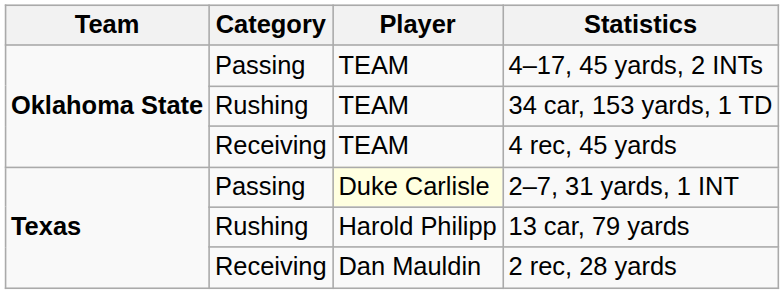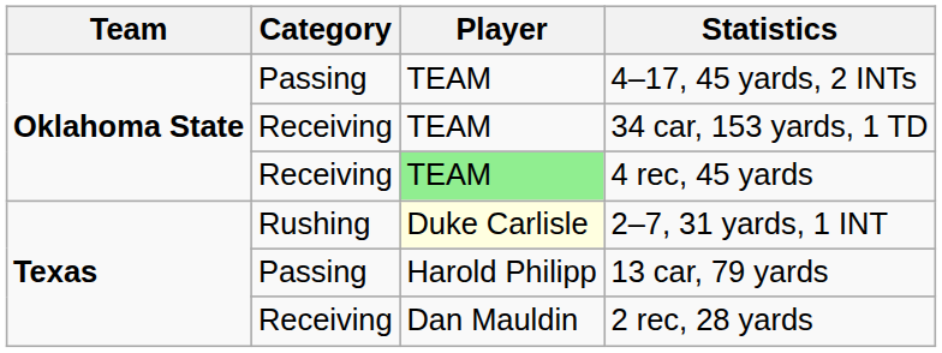 <table class="wikitable" style="float: right;">
 <tr>
 <th>Team</th>
 <th>Category</th>
 <th>Player</th>
 <th>Statistics</th>
 </tr>
 <tr>
 <td rowspan=3><strong>Oklahoma State</strong></td>
 <td>Passing</td>
 <td>TEAM</td>
 <td>4–17, 45 yards, 2 INTs</td>
 </tr>
 <tr>
-<td>Rushing</td>
+<td>Receiving</td>
 <td>TEAM</td>
 <td>34 car, 153 yards, 1 TD</td>
 </tr>
 <tr>
 <td>Receiving</td>
-<td>TEAM</td>
+<td style="background: lightgreen;">TEAM</td>
 <td>4 rec, 45 yards</td>
 </tr>
 <tr>
 <td rowspan=3><strong>Texas</strong></td>
-<td>Passing</td>
+<td>Rushing</td>
 <td style="background: lightyellow;">Duke Carlisle</td>
 <td>2–7, 31 yards, 1 INT</td>
 </tr>
 <tr>
-<td>Rushing</td>
+<td>Passing</td>
 <td>Harold Philipp</td>
 <td>13 car, 79 yards</td>
 </tr>
 <tr>
 <td>Receiving</td>
 <td>Dan Mauldin</td>
 <td>2 rec, 28 yards</td>
 </tr>
 </table>
